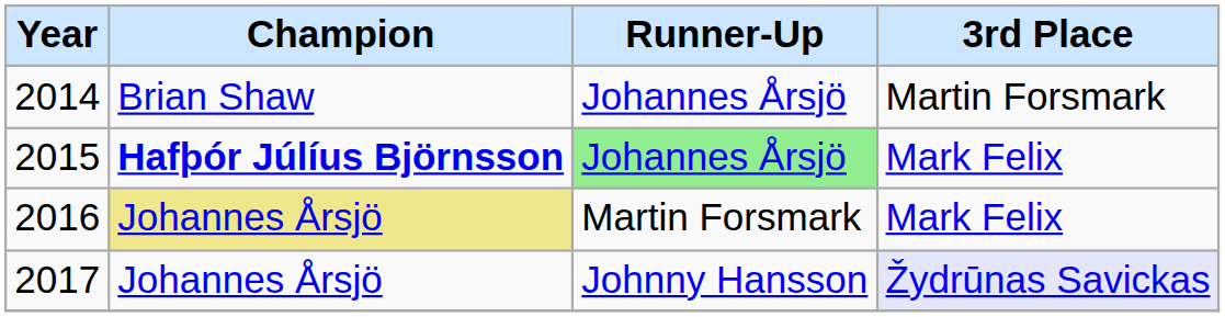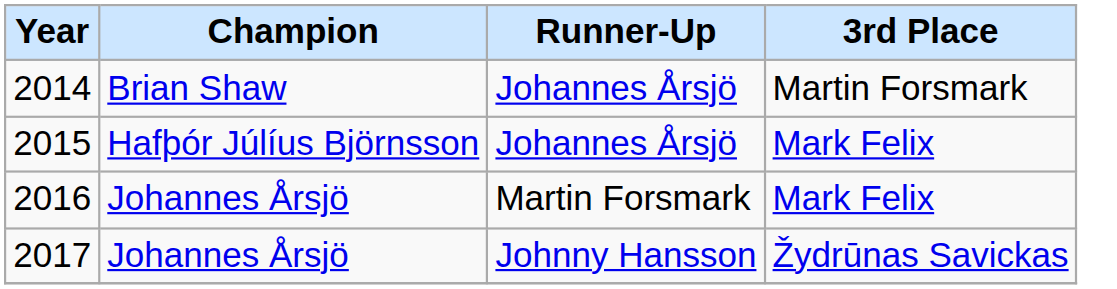 <table class="wikitable">
 <tr>
 <th style="background: #cce6ff;">Year</th>
 <th style="background: #cce6ff;">Champion</th>
 <th style="background: #cce6ff;">Runner-Up</th>
 <th style="background: #cce6ff;">3rd Place</th>
 </tr>
 <tr>
 <td>2014</td>
 <td> <a href='#'>Brian Shaw</a></td>
 <td> <a href='#'>Johannes Årsjö</a></td>
 <td> Martin Forsmark</td>
 </tr>
 <tr>
 <td>2015</td>
-<td><strong> <a href='#'>Hafþór Júlíus Björnsson</a></strong></td>
-<td style="background: lightgreen;"> <a href='#'>Johannes Årsjö</a></td>
+<td> <a href='#'>Hafþór Júlíus Björnsson</a></td>
+<td> <a href='#'>Johannes Årsjö</a></td>
 <td> <a href='#'>Mark Felix</a></td>
 </tr>
 <tr>
 <td>2016</td>
-<td style="background: khaki;"> <a href='#'>Johannes Årsjö</a></td>
+<td> <a href='#'>Johannes Årsjö</a></td>
 <td> Martin Forsmark</td>
 <td> <a href='#'>Mark Felix</a></td>
 </tr>
 <tr>
 <td>2017</td>
 <td> <a href='#'>Johannes Årsjö</a></td>
 <td> <a href='#'>Johnny Hansson</a></td>
-<td style="background: lavender;"> <a href='#'>Žydrūnas Savickas</a></td>
+<td> <a href='#'>Žydrūnas Savickas</a></td>
 </tr>
 <tr>
 </tr>
 </table>
